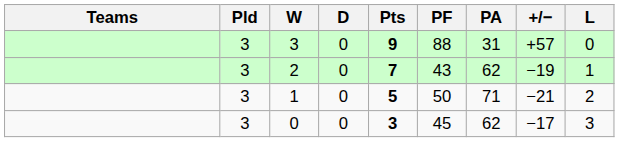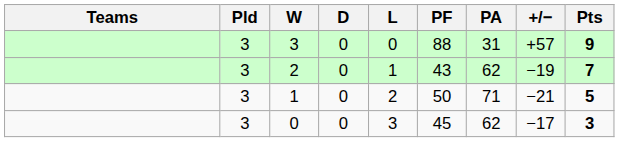 <table class="wikitable" style="text-align: center;">
 <tr>
 <th width="200">Teams</th>
 <th width="40">Pld</th>
 <th width="40">W</th>
 <th width="40">D</th>
-<th width="40">Pts</th>
+<th width="40">L</th>
 <th width="40">PF</th>
 <th width="40">PA</th>
 <th width="40">+/−</th>
-<th width="40">L</th>
+<th width="40">Pts</th>
 </tr>
 <tr bgcolor=ccffcc>
 <td align=left></td>
 <td>3</td>
 <td>3</td>
 <td>0</td>
-<td><strong>9</strong></td>
+<td>0</td>
 <td>88</td>
 <td>31</td>
 <td>+57</td>
-<td>0</td>
+<td><strong>9</strong></td>
 </tr>
 <tr bgcolor=ccffcc>
 <td align=left></td>
 <td>3</td>
 <td>2</td>
 <td>0</td>
-<td><strong>7</strong></td>
+<td>1</td>
 <td>43</td>
 <td>62</td>
 <td>−19</td>
-<td>1</td>
+<td><strong>7</strong></td>
 </tr>
 <tr>
 <td align=left></td>
 <td>3</td>
 <td>1</td>
 <td>0</td>
-<td><strong>5</strong></td>
+<td>2</td>
 <td>50</td>
 <td>71</td>
 <td>−21</td>
-<td>2</td>
+<td><strong>5</strong></td>
 </tr>
 <tr>
 <td align=left></td>
 <td>3</td>
 <td>0</td>
 <td>0</td>
-<td><strong>3</strong></td>
+<td>3</td>
 <td>45</td>
 <td>62</td>
 <td>−17</td>
-<td>3</td>
+<td><strong>3</strong></td>
 </tr>
 </table>
